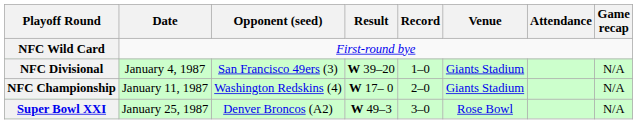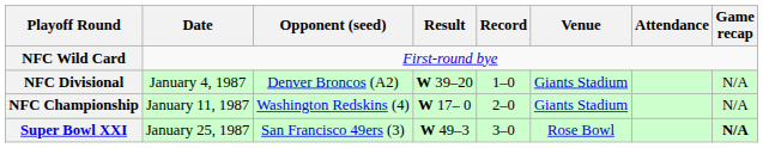 <table class="wikitable" style="text-align:center">
 <tr>
 <th>Playoff Round</th>
 <th>Date</th>
 <th>Opponent (seed)</th>
 <th>Result</th>
 <th>Record</th>
 <th>Venue</th>
 <th>Attendance</th>
 <th>Game<br>recap</th>
 </tr>
 <tr style="text-align:center; background;">
 <th>NFC Wild Card</th>
 <td colspan=11 align=center><em><a href='#'>First-round bye</a></em></td>
 </tr>
 <tr style="text-align:center; background:#cfc;">
 <th>NFC Divisional</th>
 <td>January 4, 1987</td>
-<td><a href='#'>San Francisco 49ers</a> (3)</td>
+<td><a href='#'>Denver Broncos</a> (A2)</td>
 <td><strong>W</strong> 39–20</td>
 <td>1–0</td>
 <td><a href='#'>Giants Stadium</a></td>
 <td></td>
 <td>N/A</td>
 </tr>
 <tr style="text-align:center; background:#cfc;">
 <th>NFC Championship</th>
 <td>January 11, 1987</td>
 <td><a href='#'>Washington Redskins</a> (4)</td>
 <td><strong>W</strong> 17– 0</td>
 <td>2–0</td>
 <td><a href='#'>Giants Stadium</a></td>
 <td></td>
 <td>N/A</td>
 </tr>
 <tr style="text-align:center; background:#cfc;">
 <th><a href='#'>Super Bowl XXI</a></th>
 <td>January 25, 1987</td>
-<td><a href='#'>Denver Broncos</a> (A2)</td>
+<td><a href='#'>San Francisco 49ers</a> (3)</td>
 <td><strong>W</strong> 49–3</td>
 <td>3–0</td>
 <td><a href='#'>Rose Bowl</a></td>
 <td></td>
-<td>N/A</td>
+<td><strong>N/A</strong></td>
 </tr>
 </table>
